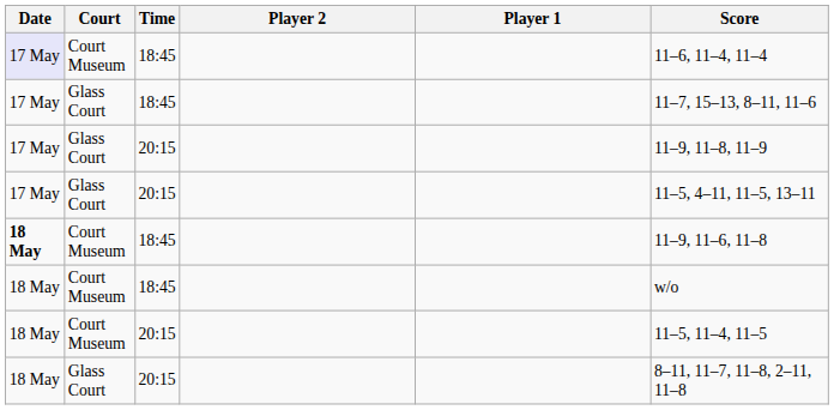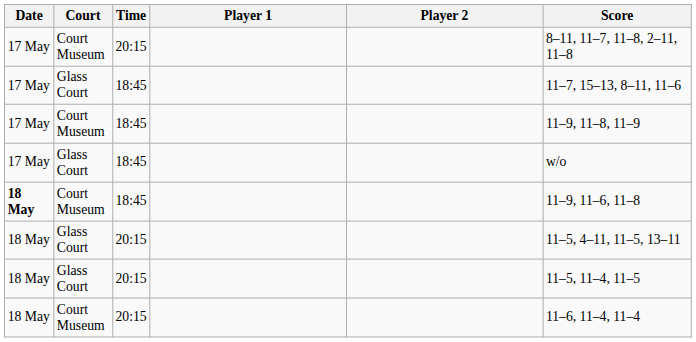 <table class="sortable wikitable" style="font-size:90%">
 <tr>
 <th width="45" class="unsortable">Date</th>
 <th width="55">Court</th>
 <th width="30">Time</th>
+<th width="200">Player 1</th>
 <th width="200">Player 2</th>
-<th width="200">Player 1</th>
 <th width="150" class="unsortable">Score</th>
 </tr>
 <tr>
-<td style="background: lavender;">17 May</td>
+<td>17 May</td>
 <td>Court Museum</td>
-<td>18:45</td>
+<td>20:15</td>
+<td><strong></strong></td>
 <td></td>
-<td><strong></strong></td>
-<td>11–6, 11–4, 11–4</td>
+<td>8–11, 11–7, 11–8, 2–11, 11–8</td>
 </tr>
 <tr>
 <td>17 May</td>
 <td>Glass Court</td>
 <td>18:45</td>
+<td></td>
 <td><strong></strong></td>
-<td></td>
 <td>11–7, 15–13, 8–11, 11–6</td>
 </tr>
 <tr>
 <td>17 May</td>
-<td>Glass Court</td>
-<td>20:15</td>
+<td>Court Museum</td>
+<td>18:45</td>
+<td></td>
 <td><strong></strong></td>
-<td></td>
 <td>11–9, 11–8, 11–9</td>
 </tr>
 <tr>
 <td>17 May</td>
 <td>Glass Court</td>
-<td>20:15</td>
+<td>18:45</td>
+<td></td>
 <td><strong></strong></td>
-<td></td>
-<td>11–5, 4–11, 11–5, 13–11</td>
+<td>w/o</td>
 </tr>
 <tr>
 <td><strong>18 May</strong></td>
 <td>Court Museum</td>
 <td>18:45</td>
+<td><strong></strong></td>
 <td></td>
-<td><strong></strong></td>
 <td>11–9, 11–6, 11–8</td>
 </tr>
 <tr>
 <td>18 May</td>
-<td>Court Museum</td>
-<td>18:45</td>
+<td>Glass Court</td>
+<td>20:15</td>
+<td></td>
 <td><strong></strong></td>
+<td>11–5, 4–11, 11–5, 13–11</td>
+</tr>
+<tr>
+<td>18 May</td>
+<td>Glass Court</td>
+<td>20:15</td>
 <td></td>
-<td>w/o</td>
+<td><strong></strong></td>
+<td>11–5, 11–4, 11–5</td>
 </tr>
 <tr>
 <td>18 May</td>
 <td>Court Museum</td>
 <td>20:15</td>
 <td><strong></strong></td>
 <td></td>
-<td>11–5, 11–4, 11–5</td>
-</tr>
-<tr>
-<td>18 May</td>
-<td>Glass Court</td>
-<td>20:15</td>
-<td></td>
-<td><strong></strong></td>
-<td>8–11, 11–7, 11–8, 2–11, 11–8</td>
+<td>11–6, 11–4, 11–4</td>
 </tr>
 </table>
